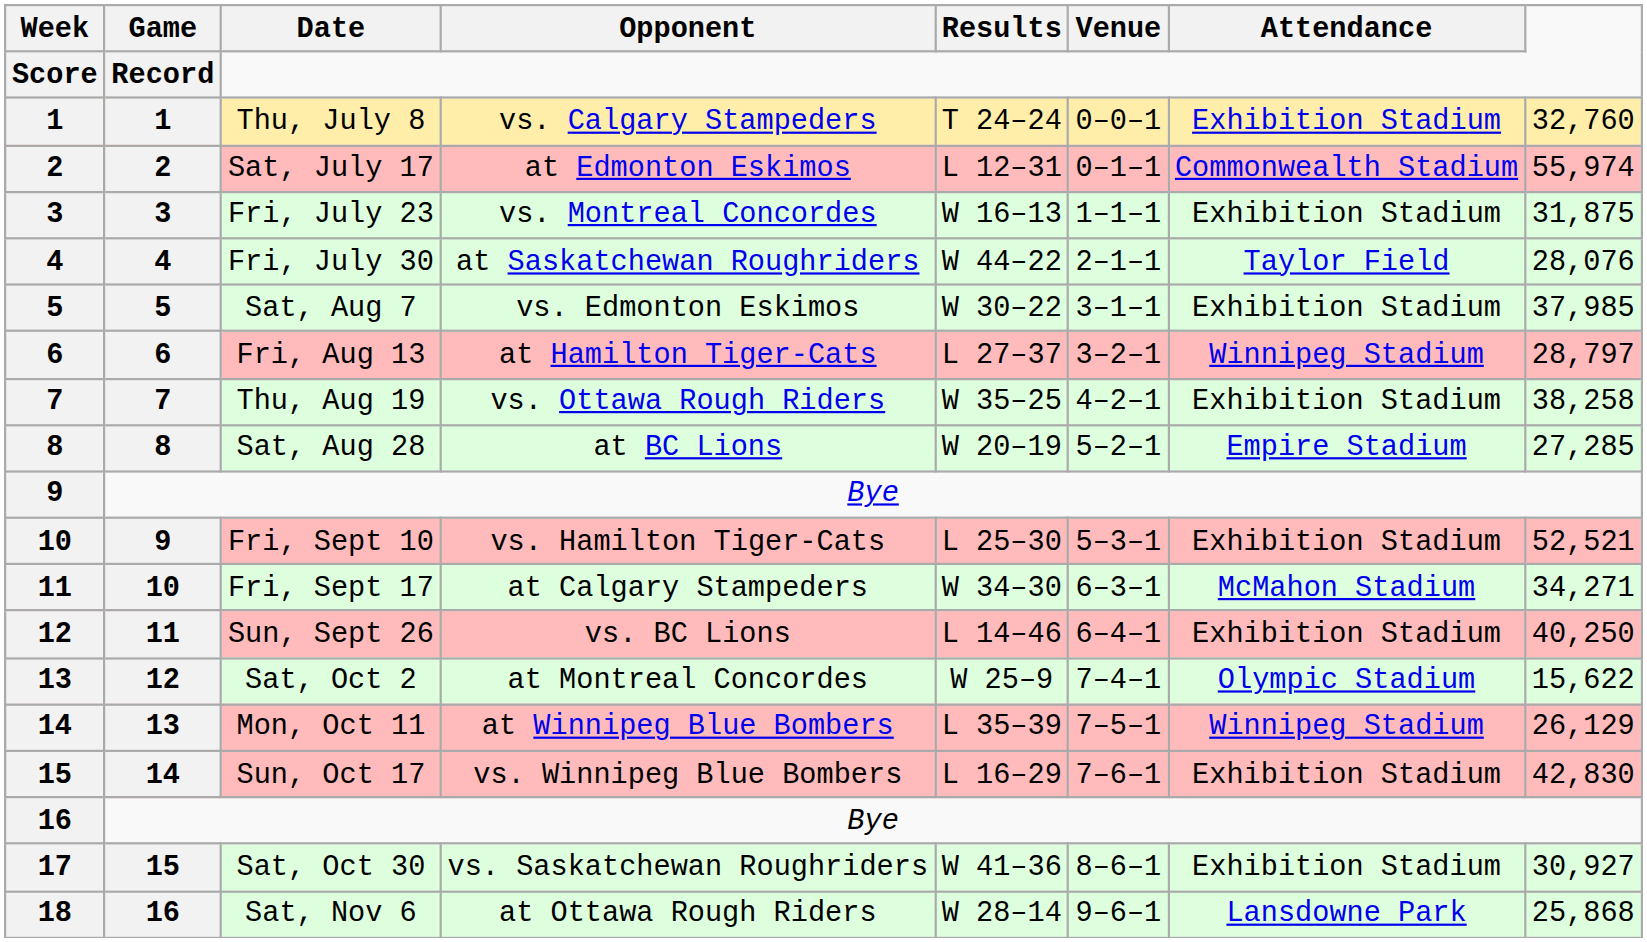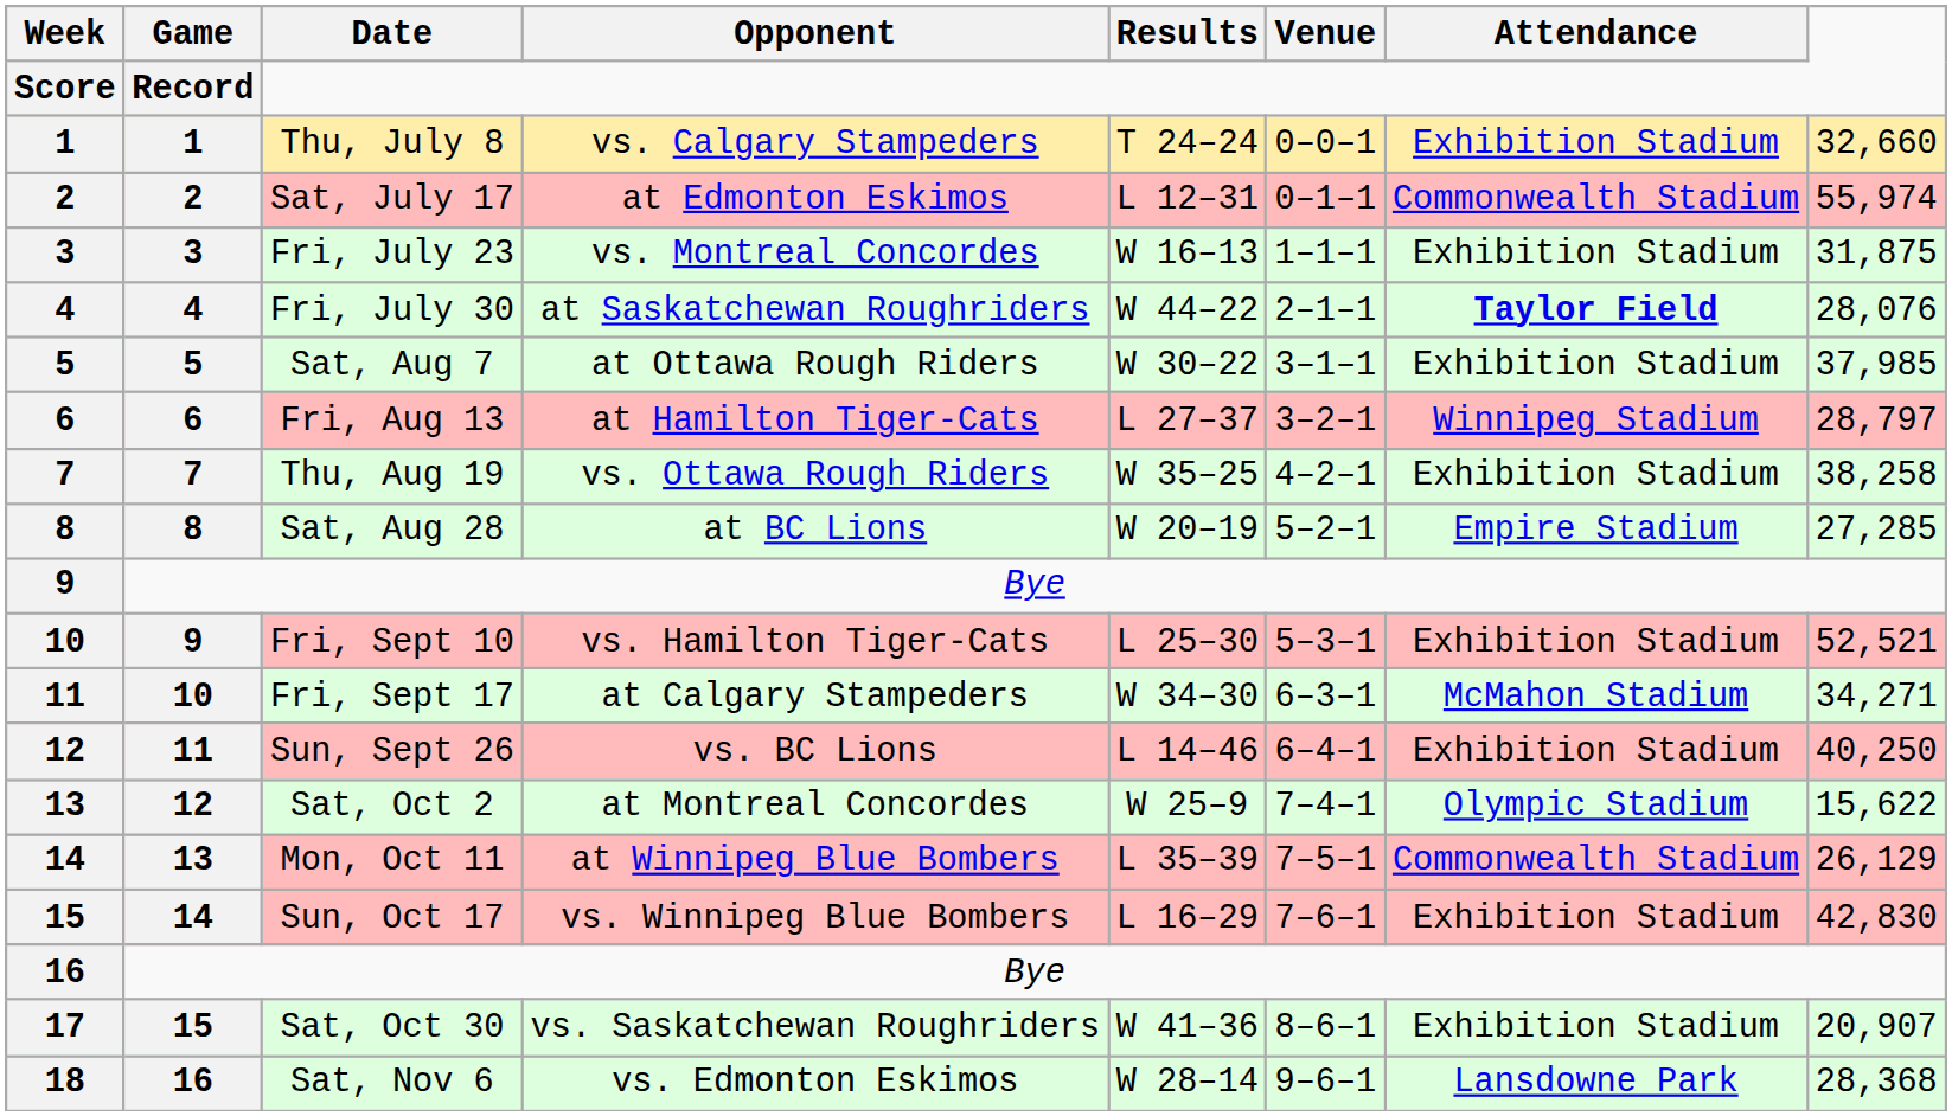 <table class="wikitable" style="text-align:center">
 <tr>
 <th>Week</th>
 <th>Game</th>
 <th>Date</th>
 <th>Opponent</th>
 <th>Results</th>
 <th>Venue</th>
 <th>Attendance</th>
 </tr>
 <tr>
 <th>Score</th>
 <th>Record</th>
 </tr>
 <tr style="background:#ffeeaa">
 <th>1</th>
 <th>1</th>
 <td>Thu, July 8</td>
 <td>vs. <a href='#'>Calgary Stampeders</a></td>
 <td>T 24–24</td>
 <td>0–0–1</td>
 <td><a href='#'>Exhibition Stadium</a></td>
-<td>32,760</td>
+<td>32,660</td>
 </tr>
 <tr style="background:#ffbbbb">
 <th>2</th>
 <th>2</th>
 <td>Sat, July 17</td>
 <td>at <a href='#'>Edmonton Eskimos</a></td>
 <td>L 12–31</td>
 <td>0–1–1</td>
 <td><a href='#'>Commonwealth Stadium</a></td>
 <td>55,974</td>
 </tr>
 <tr style="background:#ddffdd">
 <th>3</th>
 <th>3</th>
 <td>Fri, July 23</td>
 <td>vs. <a href='#'>Montreal Concordes</a></td>
 <td>W 16–13</td>
 <td>1–1–1</td>
 <td>Exhibition Stadium</td>
 <td>31,875</td>
 </tr>
 <tr style="background:#ddffdd">
 <th>4</th>
 <th>4</th>
 <td>Fri, July 30</td>
 <td>at <a href='#'>Saskatchewan Roughriders</a></td>
 <td>W 44–22</td>
 <td>2–1–1</td>
-<td><a href='#'>Taylor Field</a></td>
+<td><strong><a href='#'>Taylor Field</a></strong></td>
 <td>28,076</td>
 </tr>
 <tr style="background:#ddffdd">
 <th>5</th>
 <th>5</th>
 <td>Sat, Aug 7</td>
-<td>vs. Edmonton Eskimos</td>
+<td>at Ottawa Rough Riders</td>
 <td>W 30–22</td>
 <td>3–1–1</td>
 <td>Exhibition Stadium</td>
 <td>37,985</td>
 </tr>
 <tr style="background:#ffbbbb">
 <th>6</th>
 <th>6</th>
 <td>Fri, Aug 13</td>
 <td>at <a href='#'>Hamilton Tiger-Cats</a></td>
 <td>L 27–37</td>
 <td>3–2–1</td>
 <td><a href='#'>Winnipeg Stadium</a></td>
 <td>28,797</td>
 </tr>
 <tr style="background:#ddffdd">
 <th>7</th>
 <th>7</th>
 <td>Thu, Aug 19</td>
 <td>vs. <a href='#'>Ottawa Rough Riders</a></td>
 <td>W 35–25</td>
 <td>4–2–1</td>
 <td>Exhibition Stadium</td>
 <td>38,258</td>
 </tr>
 <tr style="background:#ddffdd">
 <th>8</th>
 <th>8</th>
 <td>Sat, Aug 28</td>
 <td>at <a href='#'>BC Lions</a></td>
 <td>W 20–19</td>
 <td>5–2–1</td>
 <td><a href='#'>Empire Stadium</a></td>
 <td>27,285</td>
 </tr>
 <tr>
 <th>9</th>
 <td colspan=7><em><a href='#'>Bye</a></em></td>
 </tr>
 <tr style="background:#ffbbbb">
 <th>10</th>
 <th>9</th>
 <td>Fri, Sept 10</td>
 <td>vs. Hamilton Tiger-Cats</td>
 <td>L 25–30</td>
 <td>5–3–1</td>
 <td>Exhibition Stadium</td>
 <td>52,521</td>
 </tr>
 <tr style="background:#ddffdd">
 <th>11</th>
 <th>10</th>
 <td>Fri, Sept 17</td>
 <td>at Calgary Stampeders</td>
 <td>W 34–30</td>
 <td>6–3–1</td>
 <td><a href='#'>McMahon Stadium</a></td>
 <td>34,271</td>
 </tr>
 <tr style="background:#ffbbbb">
 <th>12</th>
 <th>11</th>
 <td>Sun, Sept 26</td>
 <td>vs. BC Lions</td>
 <td>L 14–46</td>
 <td>6–4–1</td>
 <td>Exhibition Stadium</td>
 <td>40,250</td>
 </tr>
 <tr style="background:#ddffdd">
 <th>13</th>
 <th>12</th>
 <td>Sat, Oct 2</td>
 <td>at Montreal Concordes</td>
 <td>W 25–9</td>
 <td>7–4–1</td>
 <td><a href='#'>Olympic Stadium</a></td>
 <td>15,622</td>
 </tr>
 <tr style="background:#ffbbbb">
 <th>14</th>
 <th>13</th>
 <td>Mon, Oct 11</td>
 <td>at <a href='#'>Winnipeg Blue Bombers</a></td>
 <td>L 35–39</td>
 <td>7–5–1</td>
-<td><a href='#'>Winnipeg Stadium</a></td>
+<td><a href='#'>Commonwealth Stadium</a></td>
 <td>26,129</td>
 </tr>
 <tr style="background:#ffbbbb">
 <th>15</th>
 <th>14</th>
 <td>Sun, Oct 17</td>
 <td>vs. Winnipeg Blue Bombers</td>
 <td>L 16–29</td>
 <td>7–6–1</td>
 <td>Exhibition Stadium</td>
 <td>42,830</td>
 </tr>
 <tr>
 <th>16</th>
 <td colspan=7><em>Bye</em></td>
 </tr>
 <tr style="background:#ddffdd">
 <th>17</th>
 <th>15</th>
 <td>Sat, Oct 30</td>
 <td>vs. Saskatchewan Roughriders</td>
 <td>W 41–36</td>
 <td>8–6–1</td>
 <td>Exhibition Stadium</td>
-<td>30,927</td>
+<td>20,907</td>
 </tr>
 <tr style="background:#ddffdd">
 <th>18</th>
 <th>16</th>
 <td>Sat, Nov 6</td>
-<td>at Ottawa Rough Riders</td>
+<td>vs. Edmonton Eskimos</td>
 <td>W 28–14</td>
 <td>9–6–1</td>
 <td><a href='#'>Lansdowne Park</a></td>
-<td>25,868</td>
+<td>28,368</td>
 </tr>
 </table>
